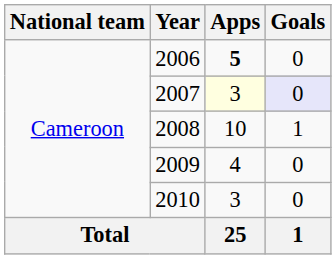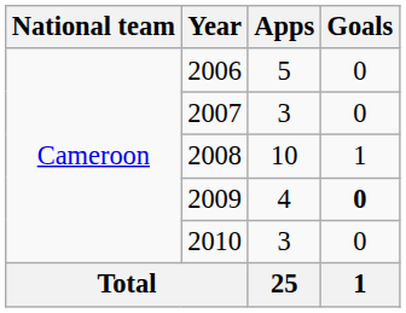 <table class="wikitable" style="text-align:center">
 <tr>
 <th>National team</th>
 <th>Year</th>
 <th>Apps</th>
 <th>Goals</th>
 </tr>
 <tr>
 <td rowspan="5"><a href='#'>Cameroon</a></td>
 <td>2006</td>
-<td><strong>5</strong></td>
+<td>5</td>
 <td>0</td>
 </tr>
 <tr>
 <td>2007</td>
-<td style="background: lightyellow;">3</td>
-<td style="background: lavender;">0</td>
+<td>3</td>
+<td>0</td>
 </tr>
 <tr>
 <td>2008</td>
 <td>10</td>
 <td>1</td>
 </tr>
 <tr>
 <td>2009</td>
 <td>4</td>
-<td>0</td>
+<td><strong>0</strong></td>
 </tr>
 <tr>
 <td>2010</td>
 <td>3</td>
 <td>0</td>
 </tr>
 <tr>
 <th colspan="2">Total</th>
 <th>25</th>
 <th>1</th>
 </tr>
 </table>
